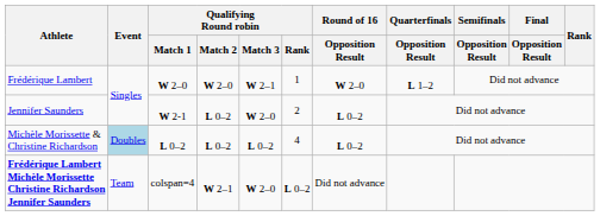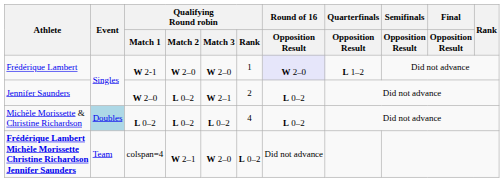 <table class="wikitable" style="font-size:90%">
 <tr>
 <th rowspan=2>Athlete</th>
 <th rowspan=2>Event</th>
 <th colspan=4>Qualifying<br>Round robin</th>
 <th>Round of 16</th>
 <th>Quarterfinals</th>
 <th>Semifinals</th>
 <th>Final</th>
 <th rowspan=2>Rank</th>
 </tr>
 <tr>
 <th>Match 1</th>
 <th>Match 2</th>
 <th>Match 3</th>
 <th>Rank</th>
 <th>Opposition<br>Result</th>
 <th>Opposition<br>Result</th>
 <th>Opposition<br>Result</th>
 <th>Opposition<br>Result</th>
 </tr>
 <tr align=center>
 <td align=left><a href='#'>Frédérique Lambert</a></td>
 <td align=left rowspan=2><a href='#'>Singles</a></td>
+<td><br><strong>W</strong> 2-1</td>
 <td><br><strong>W</strong> 2–0</td>
 <td><br><strong>W</strong> 2–0</td>
-<td><br><strong>W</strong> 2–1</td>
 <td>1</td>
-<td><br><strong>W</strong> 2–0</td>
+<td style="background: lavender;"><br><strong>W</strong> 2–0</td>
 <td><br><strong>L</strong> 1–2</td>
 <td colspan=3>Did not advance</td>
 </tr>
 <tr align=center>
 <td align=left><a href='#'>Jennifer Saunders</a></td>
-<td><br><strong>W</strong> 2-1</td>
+<td><br><strong>W</strong> 2–0</td>
 <td><br><strong>L</strong> 0–2</td>
-<td><br><strong>W</strong> 2–0</td>
+<td><br><strong>W</strong> 2–1</td>
 <td>2</td>
 <td><br><strong>L</strong> 0–2</td>
 <td colspan=4>Did not advance</td>
 </tr>
 <tr align=center>
 <td align=left><a href='#'>Michèle Morissette</a> &<br><a href='#'>Christine Richardson</a></td>
 <td align=left style="background: lightblue;"><a href='#'>Doubles</a></td>
 <td><br><strong>L</strong> 0–2</td>
 <td><br><strong>L</strong> 0–2</td>
 <td><br><strong>L</strong> 0–2</td>
 <td>4</td>
 <td><br><strong>L</strong> 0–2</td>
 <td colspan=4>Did not advance</td>
 </tr>
 <tr align=center>
 <td align=left><strong><a href='#'>Frédérique Lambert</a><br><a href='#'>Michèle Morissette</a><br><a href='#'>Christine Richardson</a><br><a href='#'>Jennifer Saunders</a></strong></td>
 <td align=left><a href='#'>Team</a></td>
 <td>colspan=4 </td>
 <td><br><strong>W</strong> 2–1</td>
 <td><br><strong>W</strong> 2–0</td>
 <td><br><strong>L</strong> 0–2</td>
 <td>Did not advance</td>
 <td></td>
 </tr>
 </table>
